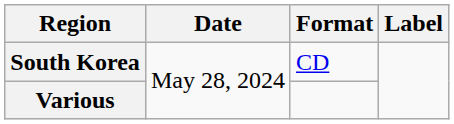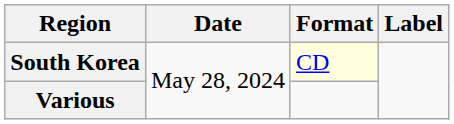 <table class="wikitable plainrowheaders">
 <tr>
 <th scope="col">Region</th>
 <th scope="col">Date</th>
 <th scope="col">Format</th>
 <th scope="col">Label</th>
 </tr>
 <tr>
 <th scope="row">South Korea</th>
 <td rowspan="2">May 28, 2024</td>
-<td><a href='#'>CD</a></td>
+<td style="background: lightyellow;"><a href='#'>CD</a></td>
 <td rowspan="2"></td>
 </tr>
 <tr>
 <th scope="row">Various</th>
 <td></td>
 </tr>
 </table>
